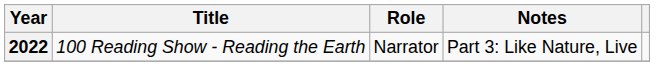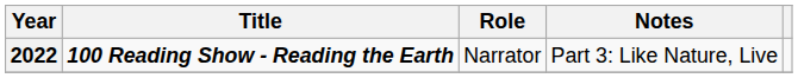 <table class="wikitable plainrowheaders">
 <tr>
 <th scope="col">Year</th>
 <th scope="col">Title</th>
 <th scope="col">Role</th>
 <th scope="col">Notes</th>
 <th scope="col" class="unsortable"></th>
 </tr>
 <tr>
 <th scope="row">2022</th>
-<td><em>100 Reading Show - Reading the Earth</em></td>
+<td><strong><em>100 Reading Show - Reading the Earth</em></strong></td>
 <td>Narrator</td>
 <td>Part 3: Like Nature, Live</td>
 <td></td>
 </tr>
 <tr>
 </tr>
 </table>
